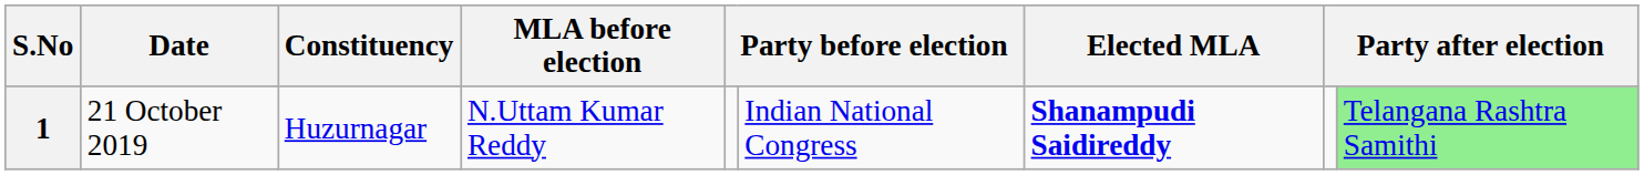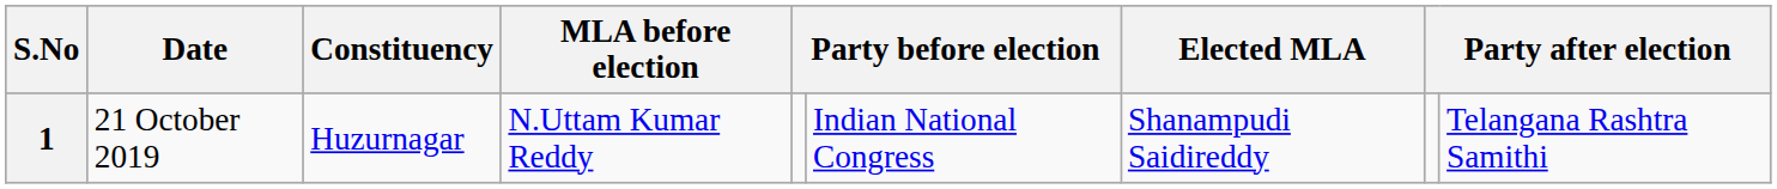 <table class="wikitable sortable">
 <tr>
 <th>S.No</th>
 <th>Date</th>
 <th>Constituency</th>
 <th>MLA before election</th>
 <th colspan="2">Party before election</th>
 <th>Elected MLA</th>
 <th colspan="2">Party after election</th>
 </tr>
 <tr>
 <th>1</th>
 <td>21 October 2019</td>
 <td><a href='#'>Huzurnagar</a></td>
 <td><a href='#'>N.Uttam Kumar Reddy</a></td>
 <td></td>
 <td><a href='#'>Indian National Congress</a></td>
-<td><strong><a href='#'>Shanampudi Saidireddy</a></strong></td>
+<td><a href='#'>Shanampudi Saidireddy</a></td>
 <td></td>
-<td style="background: lightgreen;"><a href='#'>Telangana Rashtra Samithi</a></td>
+<td><a href='#'>Telangana Rashtra Samithi</a></td>
 </tr>
 </table>
